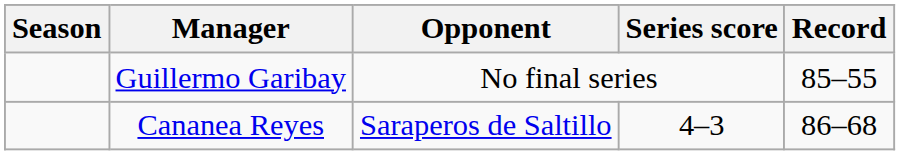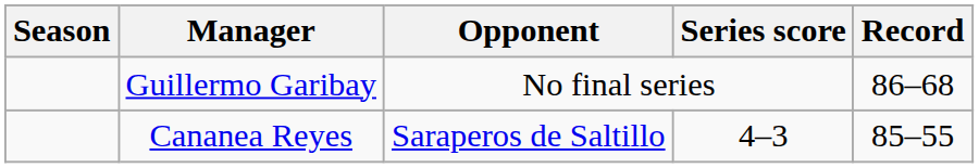 <table class="wikitable">
 <tr>
 <th>Season</th>
 <th>Manager</th>
 <th>Opponent</th>
 <th>Series score</th>
 <th>Record</th>
 </tr>
 <tr style="text-align:center;">
 <td></td>
 <td><a href='#'>Guillermo Garibay</a></td>
 <td colspan=2>No final series</td>
-<td>85–55</td>
+<td>86–68</td>
 </tr>
 <tr style="text-align:center;">
 <td></td>
 <td><a href='#'>Cananea Reyes</a></td>
 <td><a href='#'>Saraperos de Saltillo</a></td>
 <td>4–3</td>
-<td>86–68</td>
+<td>85–55</td>
 </tr>
 </table>
